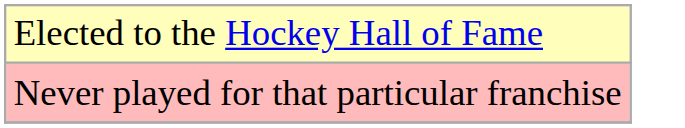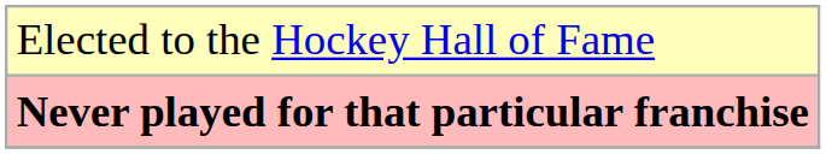 <table class="wikitable">
 <tr>
 <td style="background:#ffb;">Elected to the <a href='#'>Hockey Hall of Fame</a></td>
 </tr>
 <tr>
-<td style="background:#ffbbbb;">Never played for that particular franchise</td>
+<td style="background:#ffbbbb;"><strong>Never played for that particular franchise</strong></td>
 </tr>
 <tr>
 </tr>
 </table>
